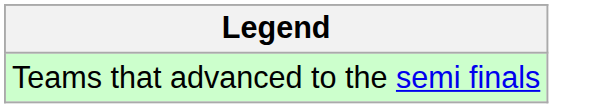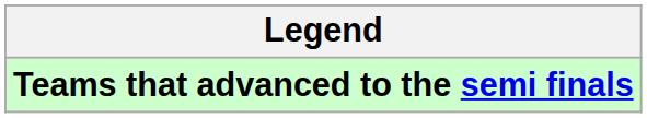 <table class="wikitable">
 <tr>
 <th>Legend</th>
 </tr>
 <tr bgcolor=#ccffcc>
-<td>Teams that advanced to the <a href='#'>semi finals</a></td>
+<td><strong>Teams that advanced to the <a href='#'>semi finals</a></strong></td>
 </tr>
 </table>
